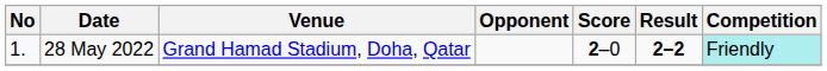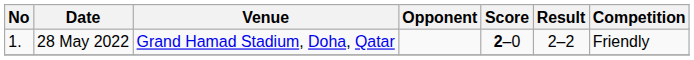 <table class="wikitable" style="font-size:85%;">
 <tr>
 <th>No</th>
 <th>Date</th>
 <th>Venue</th>
 <th>Opponent</th>
 <th>Score</th>
 <th>Result</th>
 <th>Competition</th>
 </tr>
 <tr>
 <td>1.</td>
 <td>28 May 2022</td>
 <td><a href='#'>Grand Hamad Stadium</a>, <a href='#'>Doha</a>, <a href='#'>Qatar</a></td>
 <td></td>
 <td align=center><strong>2</strong>–0</td>
-<td align=center><strong>2–2</strong></td>
-<td style="background: paleturquoise;">Friendly</td>
+<td align=center>2–2</td>
+<td>Friendly</td>
 </tr>
 <tr>
 </tr>
 </table>
